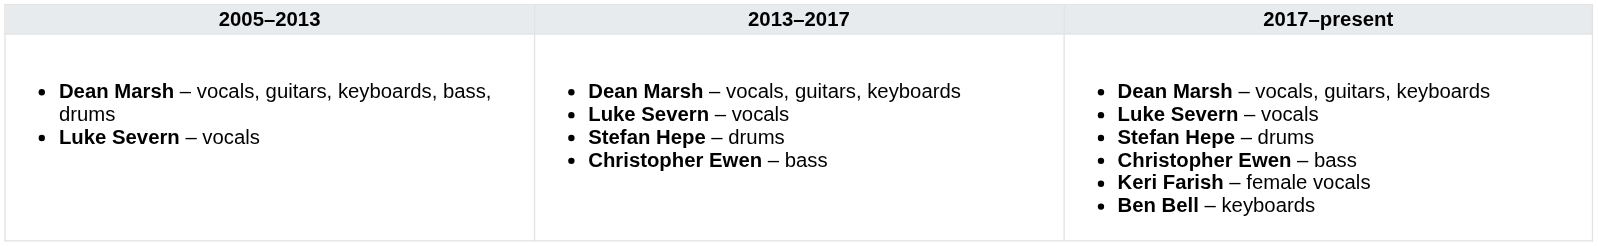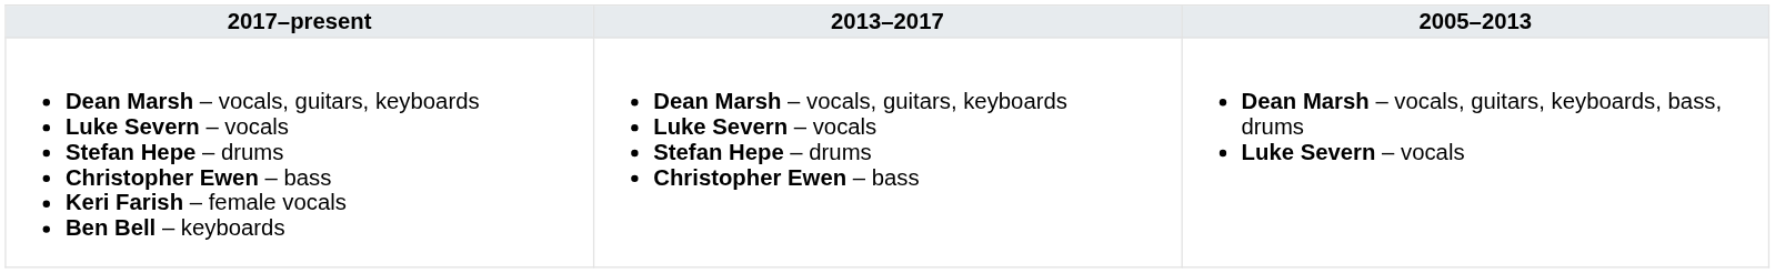 <table class="toccolours" border=1 cellpadding=2 cellspacing=0 style="float: width: 375px; margin: 0 0 1em 1em; border-collapse: collapse; border: 1px solid #E2E2E2;" width=99%>
 <tr>
+<th bgcolor="#E7EBEE" valign=top width=25%>2017–present</th>
+<th bgcolor="#E7EBEE" valign=top width=25%>2013–2017</th>
 <th bgcolor="#E7EBEE" valign=top width=25%>2005–2013</th>
-<th bgcolor="#E7EBEE" valign=top width=25%>2013–2017</th>
-<th bgcolor="#E7EBEE" valign=top width=25%>2017–present</th>
 </tr>
 <tr>
+<td valign=top><br><ul><li><strong>Dean Marsh</strong> – vocals, guitars, keyboards</li><li><strong>Luke Severn</strong> – vocals</li><li><strong>Stefan Hepe</strong> – drums</li><li><strong>Christopher Ewen</strong> – bass</li><li><strong>Keri Farish</strong> – female vocals</li><li><strong>Ben Bell</strong> – keyboards</li></ul></td>
+<td valign=top><br><ul><li><strong>Dean Marsh</strong> – vocals, guitars, keyboards</li><li><strong>Luke Severn</strong> – vocals</li><li><strong>Stefan Hepe</strong> – drums</li><li><strong>Christopher Ewen</strong> – bass</li></ul></td>
 <td valign=top><br><ul><li><strong>Dean Marsh</strong> – vocals, guitars, keyboards, bass, drums</li><li><strong>Luke Severn</strong> – vocals</li></ul></td>
-<td valign=top><br><ul><li><strong>Dean Marsh</strong> – vocals, guitars, keyboards</li><li><strong>Luke Severn</strong> – vocals</li><li><strong>Stefan Hepe</strong> – drums</li><li><strong>Christopher Ewen</strong> – bass</li></ul></td>
-<td valign=top><br><ul><li><strong>Dean Marsh</strong> – vocals, guitars, keyboards</li><li><strong>Luke Severn</strong> – vocals</li><li><strong>Stefan Hepe</strong> – drums</li><li><strong>Christopher Ewen</strong> – bass</li><li><strong>Keri Farish</strong> – female vocals</li><li><strong>Ben Bell</strong> – keyboards</li></ul></td>
 </tr>
 </table>
